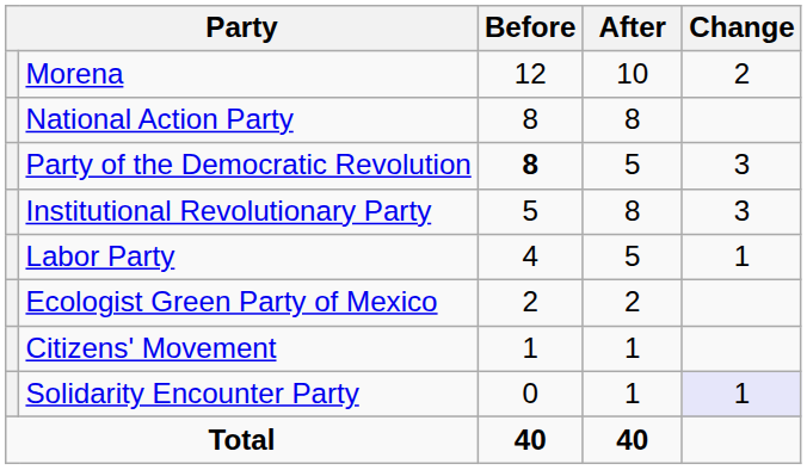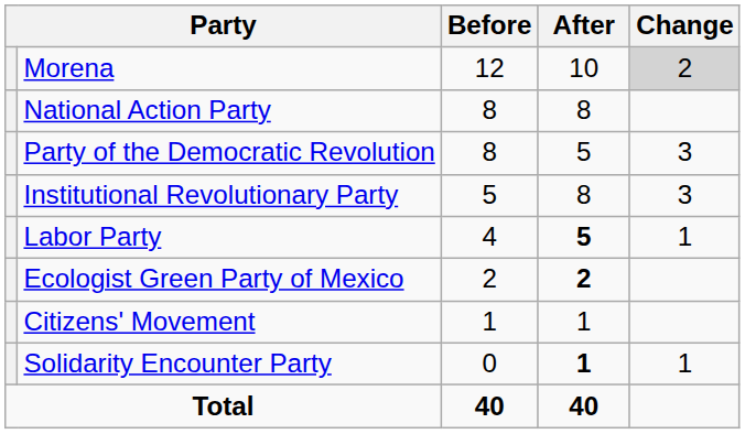 <table class="wikitable" style="text-align:center;">
 <tr>
 <th colspan="2">Party</th>
 <th style="width:3em">Before</th>
 <th style="width:3em">After</th>
 <th style="width:3em">Change</th>
 </tr>
 <tr>
 <th style="background-color:"></th>
 <td style="text-align:left;"><a href='#'>Morena</a></td>
 <td>12</td>
 <td>10</td>
-<td>2</td>
+<td style="background: lightgrey;">2</td>
 </tr>
 <tr>
 <th style="background-color:"></th>
 <td style="text-align:left;"><a href='#'>National Action Party</a></td>
 <td>8</td>
 <td>8</td>
 <td></td>
 </tr>
 <tr>
 <th style="background-color:"></th>
 <td style="text-align:left;"><a href='#'>Party of the Democratic Revolution</a></td>
-<td><strong>8</strong></td>
+<td>8</td>
 <td>5</td>
 <td>3</td>
 </tr>
 <tr>
 <th style="background-color:"></th>
 <td style="text-align:left;"><a href='#'>Institutional Revolutionary Party</a></td>
 <td>5</td>
 <td>8</td>
 <td>3</td>
 </tr>
 <tr>
 <th style="background-color:"></th>
 <td style="text-align:left;"><a href='#'>Labor Party</a></td>
 <td>4</td>
-<td>5</td>
+<td><strong>5</strong></td>
 <td>1</td>
 </tr>
 <tr>
 <th style="background-color:"></th>
 <td style="text-align:left;"><a href='#'>Ecologist Green Party of Mexico</a></td>
 <td>2</td>
-<td>2</td>
+<td><strong>2</strong></td>
 <td></td>
 </tr>
 <tr>
 <th style="background-color:"></th>
 <td style="text-align:left;"><a href='#'>Citizens' Movement</a></td>
 <td>1</td>
 <td>1</td>
 <td></td>
 </tr>
 <tr>
 <th style="background-color:"></th>
 <td style="text-align:left;"><a href='#'>Solidarity Encounter Party</a></td>
 <td>0</td>
+<td><strong>1</strong></td>
 <td>1</td>
-<td style="background: lavender;">1</td>
 </tr>
 <tr>
 <td colspan="2"><strong>Total</strong></td>
 <td><strong>40</strong></td>
 <td><strong>40</strong></td>
 <td></td>
 </tr>
 </table>
